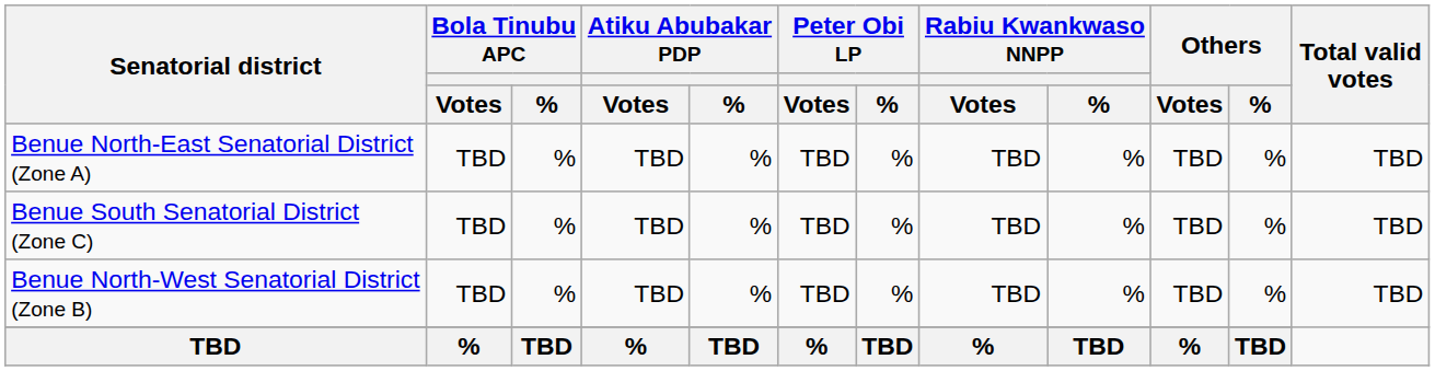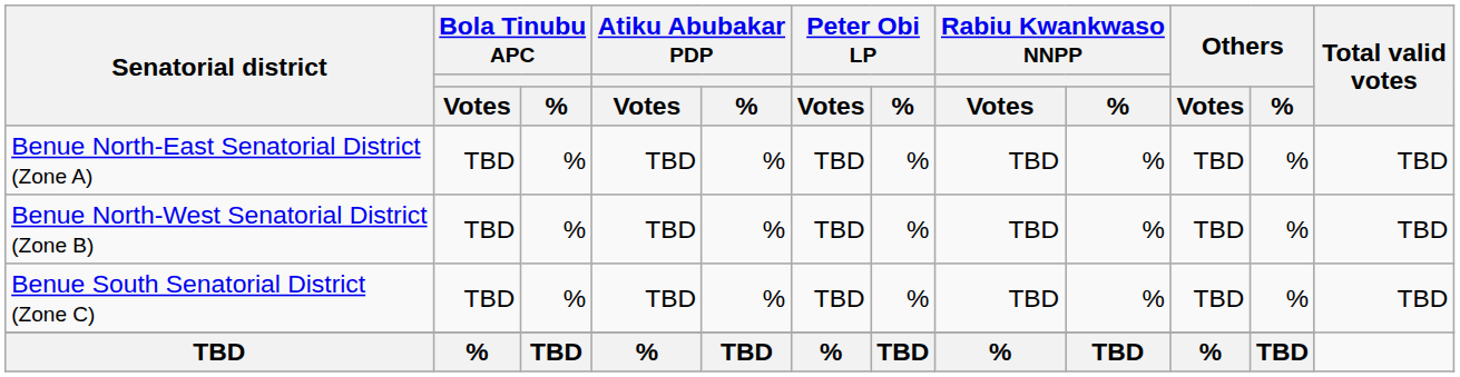 <table class="wikitable sortable" style="text-align:right; font-size:90%">
 <tr>
 <th rowspan="3" style="max-width:7.5em;">Senatorial district</th>
 <th colspan="2"><a href='#'>Bola Tinubu</a><br><small>APC</small></th>
 <th colspan="2"><a href='#'>Atiku Abubakar</a><br><small>PDP</small></th>
 <th colspan="2"><a href='#'>Peter Obi</a><br><small>LP</small></th>
 <th colspan="2"><a href='#'>Rabiu Kwankwaso</a><br><small>NNPP</small></th>
 <th colspan="2" rowspan="2">Others</th>
 <th rowspan="3" style="max-width:5em;">Total valid votes</th>
 </tr>
 <tr>
 <th colspan=2 style="background-color:"></th>
 <th colspan=2 style="background-color:"></th>
 <th colspan=2 style="background-color:"></th>
 <th colspan=2 style="background-color:"></th>
 </tr>
 <tr>
 <th>Votes</th>
 <th>%</th>
 <th>Votes</th>
 <th>%</th>
 <th>Votes</th>
 <th>%</th>
 <th>Votes</th>
 <th>%</th>
 <th>Votes</th>
 <th>%</th>
 </tr>
 <tr style="background-color:#">
 <td style="text-align:left;"><a href='#'>Benue North-East Senatorial District</a><br><small>(Zone A)</small></td>
 <td>TBD</td>
 <td>%</td>
 <td>TBD</td>
 <td>%</td>
 <td>TBD</td>
 <td>%</td>
 <td>TBD</td>
 <td>%</td>
 <td>TBD</td>
 <td>%</td>
 <td>TBD</td>
 </tr>
 <tr style="background-color:#">
-<td style="text-align:left;"><a href='#'>Benue South Senatorial District</a><br><small>(Zone C)</small></td>
+<td style="text-align:left;"><a href='#'>Benue North-West Senatorial District</a><br><small>(Zone B)</small></td>
 <td>TBD</td>
 <td>%</td>
 <td>TBD</td>
 <td>%</td>
 <td>TBD</td>
 <td>%</td>
 <td>TBD</td>
 <td>%</td>
 <td>TBD</td>
 <td>%</td>
 <td>TBD</td>
 </tr>
 <tr style="background-color:#">
-<td style="text-align:left;"><a href='#'>Benue North-West Senatorial District</a><br><small>(Zone B)</small></td>
+<td style="text-align:left;"><a href='#'>Benue South Senatorial District</a><br><small>(Zone C)</small></td>
 <td>TBD</td>
 <td>%</td>
 <td>TBD</td>
 <td>%</td>
 <td>TBD</td>
 <td>%</td>
 <td>TBD</td>
 <td>%</td>
 <td>TBD</td>
 <td>%</td>
 <td>TBD</td>
 </tr>
 <tr>
 </tr>
 <tr>
 <th>TBD</th>
 <th>%</th>
 <th>TBD</th>
 <th>%</th>
 <th>TBD</th>
 <th>%</th>
 <th>TBD</th>
 <th>%</th>
 <th>TBD</th>
 <th>%</th>
 <th>TBD</th>
 </tr>
 </table>
